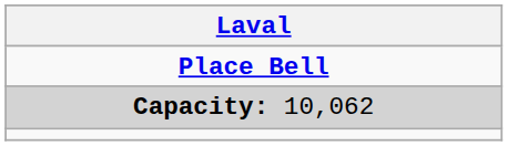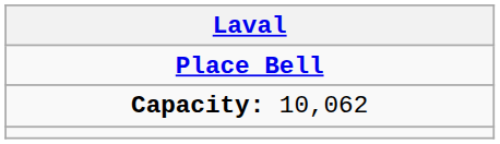 <table class="wikitable" style="text-align:center;margin:1em auto;">
 <tr>
 <th width="250"><a href='#'>Laval</a></th>
 </tr>
 <tr>
 <td><strong><a href='#'>Place Bell</a></strong></td>
 </tr>
 <tr>
-<td style="background: lightgrey;"><strong>Capacity:</strong> 10,062</td>
+<td><strong>Capacity:</strong> 10,062</td>
 </tr>
 <tr>
 <td></td>
 </tr>
 </table>
